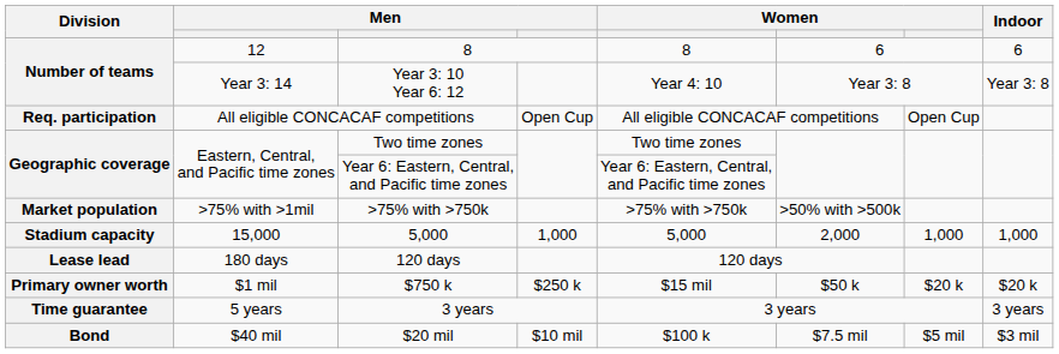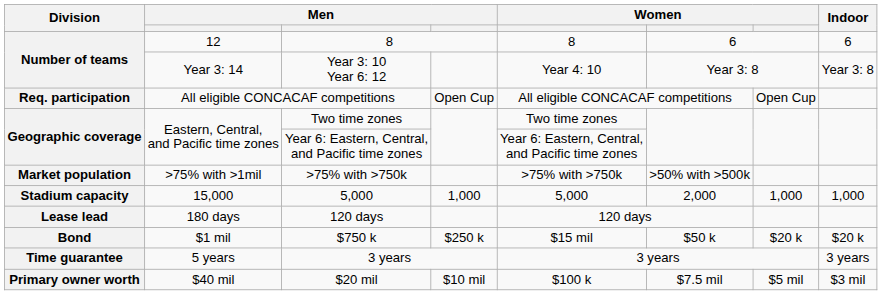 <table class="wikitable plainrowheaders" style="text-align: center;">
 <tr>
 <th scope="col" rowspan="2">Division</th>
 <th scope="colgroup" colspan="3">Men</th>
 <th scope="colgroup" colspan="3">Women</th>
 <th scope="col" rowspan="2">Indoor</th>
 </tr>
 <tr>
 <th scope="col"></th>
 <th scope="col"></th>
 <th scope="col"></th>
 <th scope="col"></th>
 <th scope="col"></th>
 <th scope="col"></th>
 </tr>
 <tr>
 <th scope="row" rowspan=2>Number of teams</th>
 <td>12</td>
 <td colspan="2">8</td>
 <td>8</td>
 <td colspan="2">6</td>
 <td>6</td>
 </tr>
 <tr>
 <td>Year 3: 14</td>
 <td>Year 3: 10<br>Year 6: 12</td>
 <td></td>
 <td>Year 4: 10</td>
 <td colspan="2">Year 3: 8</td>
 <td>Year 3: 8</td>
 </tr>
 <tr>
 <th scope="row">Req. participation</th>
 <td colspan="2">All eligible CONCACAF competitions</td>
 <td>Open Cup</td>
 <td colspan="2">All eligible CONCACAF competitions</td>
 <td>Open Cup</td>
 <td></td>
 </tr>
 <tr>
 <th scope="row" rowspan=2>Geographic coverage</th>
 <td rowspan=2>Eastern, Central,<br>and Pacific time zones</td>
 <td>Two time zones</td>
 <td rowspan="2"></td>
 <td>Two time zones</td>
 <td rowspan="2"></td>
 <td rowspan="2"></td>
 <td rowspan="2"></td>
 </tr>
 <tr>
 <td>Year 6: Eastern, Central,<br>and Pacific time zones</td>
 <td>Year 6: Eastern, Central,<br>and Pacific time zones</td>
 </tr>
 <tr>
 <th scope="row">Market population</th>
 <td>>75% with >1mil</td>
 <td>>75% with >750k</td>
 <td></td>
 <td>>75% with >750k</td>
 <td>>50% with >500k</td>
 <td></td>
 <td></td>
 </tr>
 <tr>
 <th scope="row">Stadium capacity</th>
 <td>15,000</td>
 <td>5,000</td>
 <td>1,000</td>
 <td>5,000</td>
 <td>2,000</td>
 <td>1,000</td>
 <td>1,000</td>
 </tr>
 <tr>
 <th scope="row">Lease lead</th>
 <td>180 days</td>
 <td>120 days</td>
 <td></td>
 <td colspan="2">120 days</td>
 <td></td>
 <td></td>
 </tr>
 <tr>
-<th scope="row">Primary owner worth</th>
+<th scope="row">Bond</th>
 <td>$1 mil</td>
 <td>$750 k</td>
 <td>$250 k</td>
 <td>$15 mil</td>
 <td>$50 k</td>
 <td>$20 k</td>
 <td>$20 k</td>
 </tr>
 <tr>
 <th scope="row">Time guarantee</th>
 <td>5 years</td>
 <td colspan="2">3 years</td>
 <td colspan="3">3 years</td>
 <td>3 years</td>
 </tr>
 <tr>
-<th scope="row">Bond</th>
+<th scope="row">Primary owner worth</th>
 <td>$40 mil</td>
 <td>$20 mil</td>
 <td>$10 mil</td>
 <td>$100 k</td>
 <td>$7.5 mil</td>
 <td>$5 mil</td>
 <td>$3 mil</td>
 </tr>
 </table>
